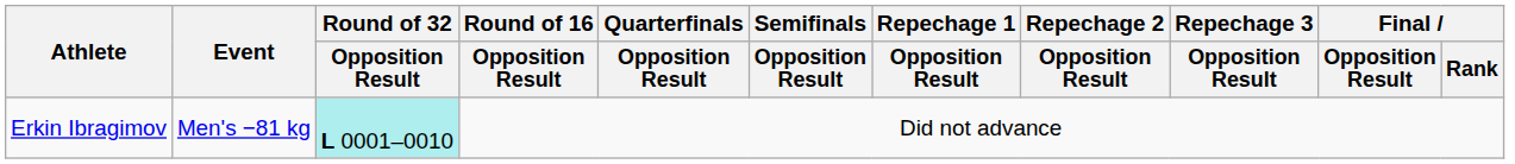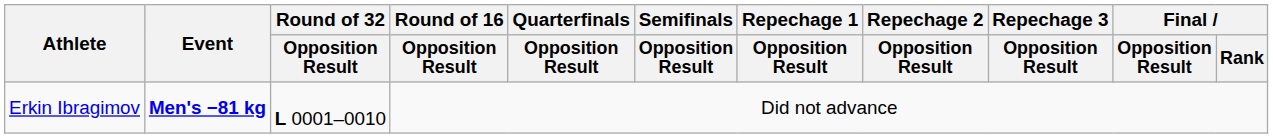 <table class="wikitable" style="font-size:90%">
 <tr>
 <th rowspan="2">Athlete</th>
 <th rowspan="2">Event</th>
 <th>Round of 32</th>
 <th>Round of 16</th>
 <th>Quarterfinals</th>
 <th>Semifinals</th>
 <th>Repechage 1</th>
 <th>Repechage 2</th>
 <th>Repechage 3</th>
 <th colspan=2>Final / </th>
 </tr>
 <tr style="font-size:95%">
 <th>Opposition<br>Result</th>
 <th>Opposition<br>Result</th>
 <th>Opposition<br>Result</th>
 <th>Opposition<br>Result</th>
 <th>Opposition<br>Result</th>
 <th>Opposition<br>Result</th>
 <th>Opposition<br>Result</th>
 <th>Opposition<br>Result</th>
 <th>Rank</th>
 </tr>
 <tr align=center>
 <td align=left><a href='#'>Erkin Ibragimov</a></td>
-<td align=left><a href='#'>Men's −81 kg</a></td>
-<td style="background: paleturquoise;"><br><strong>L</strong> 0001–0010</td>
+<td align=left><strong><a href='#'>Men's −81 kg</a></strong></td>
+<td><br><strong>L</strong> 0001–0010</td>
 <td colspan=8>Did not advance</td>
 </tr>
 </table>
